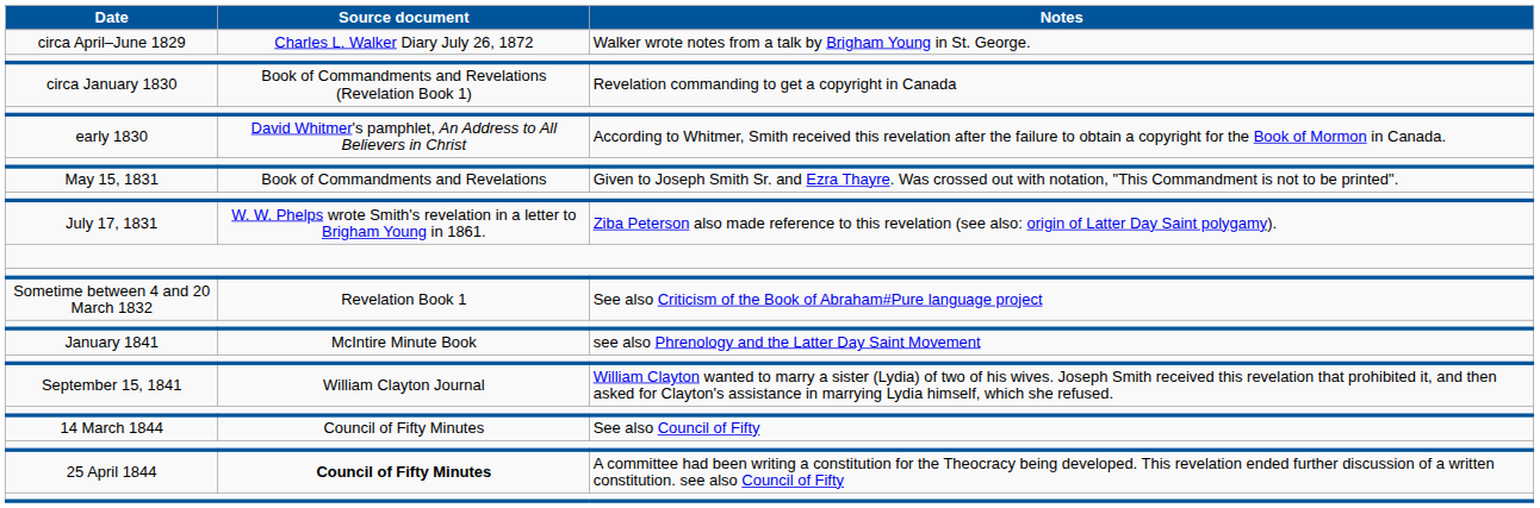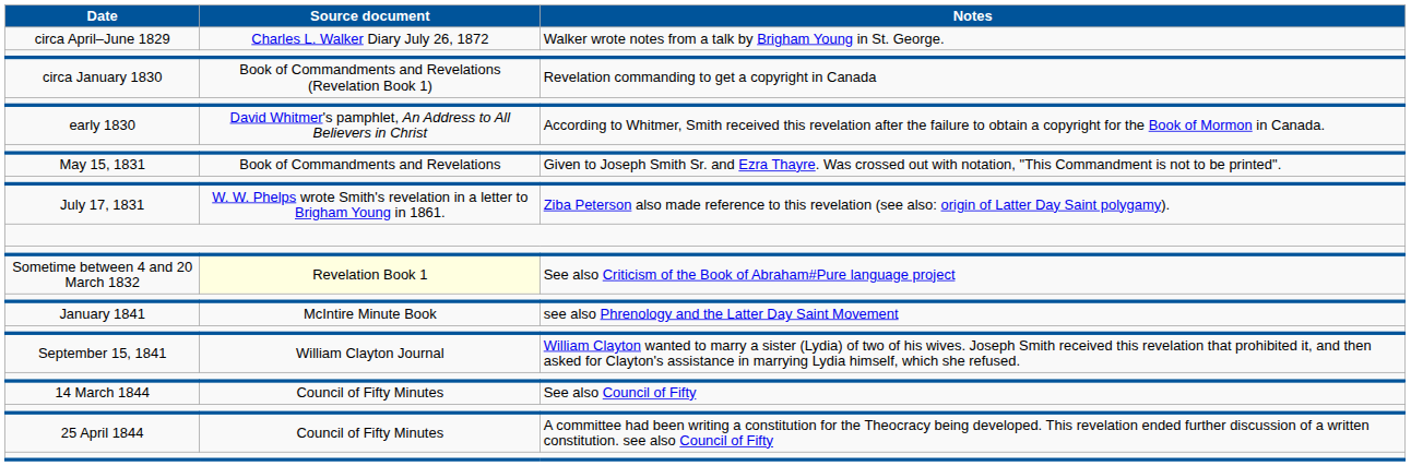 <table class="wikitable plainrowheaders" style="width:100%;">
 <tr>
 <th style="background: #00549A; color:white">Date</th>
 <th style="background: #00549A; color:white">Source document</th>
 <th style="background: #00549A; color:white">Notes</th>
 </tr>
 <tr>
 <td align="center">circa April–June 1829</td>
 <td align="center"><a href='#'>Charles L. Walker</a> Diary July 26, 1872</td>
 <td>Walker wrote notes from a talk by <a href='#'>Brigham Young</a> in St. George.</td>
 </tr>
 <tr style="border-bottom: 4px solid #00549A;">
 <td colspan="3"></td>
 </tr>
 <tr>
 <td align="center">circa January 1830</td>
 <td align="center">Book of Commandments and Revelations (Revelation Book 1)</td>
 <td>Revelation commanding to get a copyright in Canada</td>
 </tr>
 <tr style="border-bottom: 4px solid #00549A;">
 <td colspan="3"></td>
 </tr>
 <tr>
 <td align="center">early 1830</td>
 <td align="center"><a href='#'>David Whitmer</a>'s pamphlet, <em>An Address to All Believers in Christ</em></td>
 <td>According to Whitmer, Smith received this revelation after the failure to obtain a copyright for the <a href='#'>Book of Mormon</a> in Canada.</td>
 </tr>
 <tr style="border-bottom: 4px solid #00549A;">
 <td colspan="3"></td>
 </tr>
 <tr>
 <td align="center">May 15, 1831 </td>
 <td align="center">Book of Commandments and Revelations</td>
 <td>Given to Joseph Smith Sr. and <a href='#'>Ezra Thayre</a>. Was crossed out with notation, "This Commandment is not to be printed".</td>
 </tr>
 <tr style="border-bottom: 4px solid #00549A;">
 <td colspan="3"></td>
 </tr>
 <tr>
 <td align="center">July 17, 1831</td>
 <td align="center"><a href='#'>W. W. Phelps</a> wrote Smith's revelation in a letter to <a href='#'>Brigham Young</a> in 1861.</td>
 <td><a href='#'>Ziba Peterson</a> also made reference to this revelation (see also: <a href='#'>origin of Latter Day Saint polygamy</a>).</td>
 </tr>
 <tr>
 <td colspan="4"><br> </td>
 </tr>
 <tr style="border-bottom: 4px solid #00549A;">
 <td colspan="3"></td>
 </tr>
 <tr>
 <td align="center">Sometime between 4 and 20 March 1832</td>
-<td align="center">Revelation Book 1</td>
+<td align="center" style="background: lightyellow;">Revelation Book 1</td>
 <td>See also <a href='#'>Criticism of the Book of Abraham#Pure language project</a></td>
 </tr>
 <tr style="border-bottom: 4px solid #00549A;">
 <td colspan="3"></td>
 </tr>
 <tr>
 <td align="center">January 1841</td>
 <td align="center">McIntire Minute Book</td>
 <td>see also <a href='#'>Phrenology and the Latter Day Saint Movement</a></td>
 </tr>
 <tr style="border-bottom: 4px solid #00549A;">
 <td colspan="3"></td>
 </tr>
 <tr>
 <td align="center">September 15, 1841</td>
 <td align="center">William Clayton Journal</td>
 <td><a href='#'>William Clayton</a> wanted to marry a sister (Lydia) of two of his wives. Joseph Smith received this revelation that prohibited it, and then asked for Clayton's assistance in marrying Lydia himself, which she refused.</td>
 </tr>
 <tr style="border-bottom: 4px solid #00549A;">
 <td colspan="3"></td>
 </tr>
 <tr>
 <td align="center">14 March 1844</td>
 <td align="center">Council of Fifty Minutes</td>
 <td>See also <a href='#'>Council of Fifty</a></td>
 </tr>
 <tr style="border-bottom: 4px solid #00549A;">
 <td colspan="3"></td>
 </tr>
 <tr>
 <td align="center">25 April 1844</td>
-<td align="center"><strong>Council of Fifty Minutes</strong></td>
+<td align="center">Council of Fifty Minutes</td>
 <td>A committee had been writing a constitution for the Theocracy being developed. This revelation ended further discussion of a written constitution. see also <a href='#'>Council of Fifty</a></td>
 </tr>
 <tr style="border-bottom: 4px solid #00549A;">
 <td colspan="3"></td>
 </tr>
 </table>
